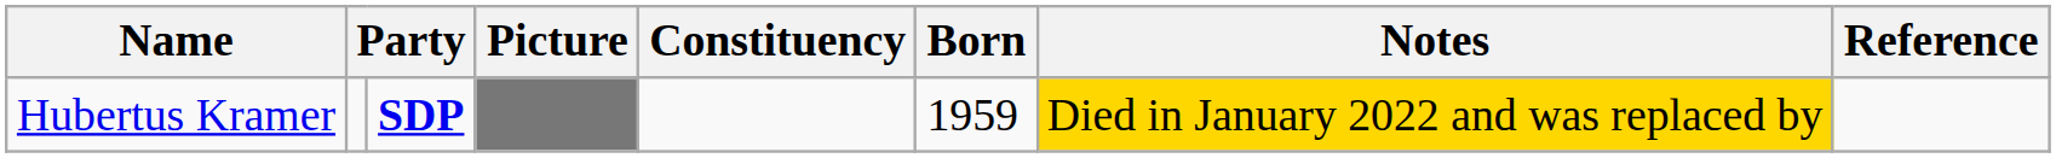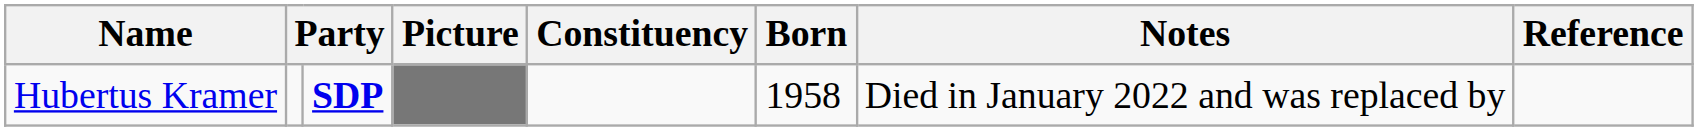 <table class="wikitable sortable">
 <tr>
 <th>Name</th>
 <th colspan=2>Party</th>
 <th>Picture</th>
 <th>Constituency</th>
 <th>Born</th>
 <th>Notes</th>
 <th>Reference</th>
 </tr>
 <tr>
 <td><a href='#'>Hubertus Kramer</a></td>
 <td style="background-color: "></td>
 <td><strong><a href='#'>SDP</a></strong></td>
 <td style="padding:0; background:#777777; text-align:center; vertical-align:middle;"></td>
 <td></td>
-<td>1959</td>
-<td style="background: gold;">Died in January 2022 and was replaced by </td>
+<td>1958</td>
+<td>Died in January 2022 and was replaced by </td>
 <td></td>
 </tr>
 </table>
